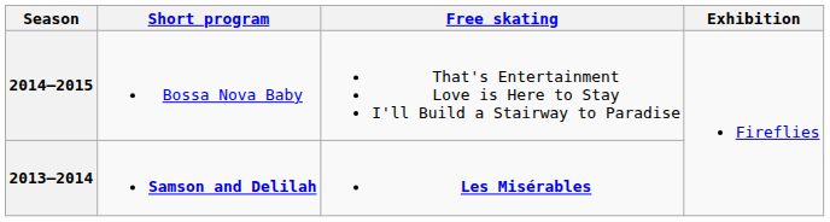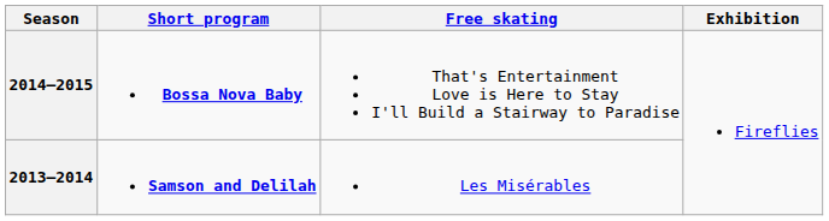 <table class=wikitable style=text-align:center>
 <tr>
 <th>Season</th>
 <th><a href='#'>Short program</a></th>
 <th><a href='#'>Free skating</a></th>
 <th>Exhibition</th>
 </tr>
 <tr>
 <th>2014–2015 <br> </th>
-<td><br><ul><li><a href='#'>Bossa Nova Baby</a> <br></li></ul></td>
+<td><strong><br><ul><li><a href='#'>Bossa Nova Baby</a> <br></li></ul></strong></td>
 <td><br><ul><li>That's Entertainment</li><li>Love is Here to Stay</li><li>I'll Build a Stairway to Paradise</li></ul></td>
 <td rowspan=2><br><ul><li><a href='#'>Fireflies</a> <br></li></ul></td>
 </tr>
 <tr>
 <th>2013–2014 <br> </th>
 <td><strong><br><ul><li><a href='#'>Samson and Delilah</a> <br></li></ul></strong></td>
-<td><strong><br><ul><li><a href='#'>Les Misérables</a> <br></li></ul></strong></td>
+<td><br><ul><li><a href='#'>Les Misérables</a> <br></li></ul></td>
 </tr>
 </table>
